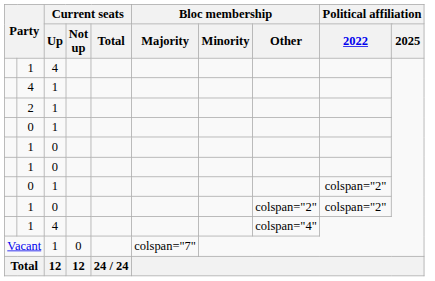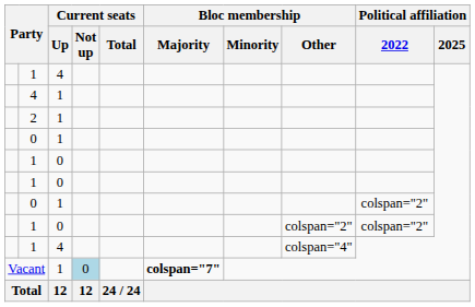 <table class="wikitable" style="text-align:center;">
 <tr>
 <th colspan="2" rowspan="2">Party</th>
 <th colspan="3">Current seats</th>
 <th colspan="3">Bloc membership</th>
 <th colspan="4">Political affiliation</th>
 </tr>
 <tr>
 <th>Up</th>
 <th>Not<br>up</th>
 <th>Total</th>
 <th>Majority</th>
 <th>Minority</th>
 <th>Other</th>
 <th colspan="2"><a href='#'>2022</a></th>
 <th colspan="2">2025</th>
 </tr>
 <tr>
 <td></td>
 <td>1</td>
 <td>4</td>
 <td></td>
 <td></td>
 <td></td>
 <td></td>
 <td></td>
 <td></td>
 </tr>
 <tr>
 <td></td>
 <td>4</td>
 <td>1</td>
 <td></td>
 <td></td>
 <td></td>
 <td></td>
 <td></td>
 <td></td>
 </tr>
 <tr>
 <td></td>
 <td>2</td>
 <td>1</td>
 <td></td>
 <td></td>
 <td></td>
 <td></td>
 <td></td>
 <td></td>
 </tr>
 <tr>
 <td></td>
 <td>0</td>
 <td>1</td>
 <td></td>
 <td></td>
 <td></td>
 <td></td>
 <td></td>
 <td></td>
 </tr>
 <tr>
 <td></td>
 <td>1</td>
 <td>0</td>
 <td></td>
 <td></td>
 <td></td>
 <td></td>
 <td></td>
 <td></td>
 </tr>
 <tr>
 <td></td>
 <td>1</td>
 <td>0</td>
 <td></td>
 <td></td>
 <td></td>
 <td></td>
 <td></td>
 <td></td>
 </tr>
 <tr>
 <td></td>
 <td>0</td>
 <td>1</td>
 <td></td>
 <td></td>
 <td></td>
 <td></td>
 <td></td>
 <td>colspan="2" </td>
 </tr>
 <tr>
 <td></td>
 <td>1</td>
 <td>0</td>
 <td></td>
 <td></td>
 <td></td>
 <td></td>
 <td>colspan="2" </td>
 <td>colspan="2" </td>
 </tr>
 <tr>
 <td></td>
 <td>1</td>
 <td>4</td>
 <td></td>
 <td></td>
 <td></td>
 <td></td>
 <td>colspan="4" </td>
 </tr>
 <tr>
 <td colspan="2"><a href='#'>Vacant</a></td>
 <td>1</td>
-<td>0</td>
+<td style="background: lightblue;">0</td>
 <td></td>
-<td>colspan="7" </td>
+<td><strong>colspan="7" </strong></td>
 </tr>
 <tr>
 <th colspan="2">Total</th>
 <th>12</th>
 <th>12</th>
 <th>24 / 24</th>
 <th colspan="7"></th>
 </tr>
 </table>
